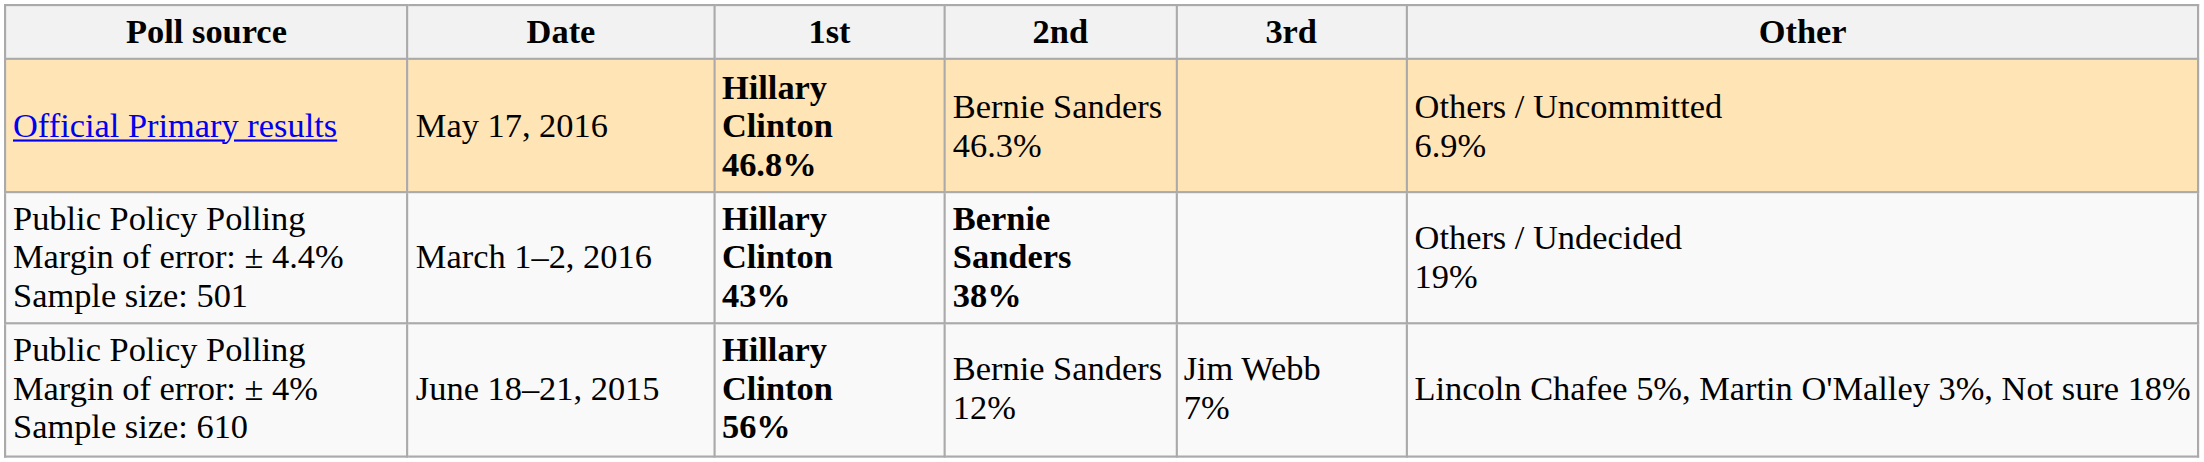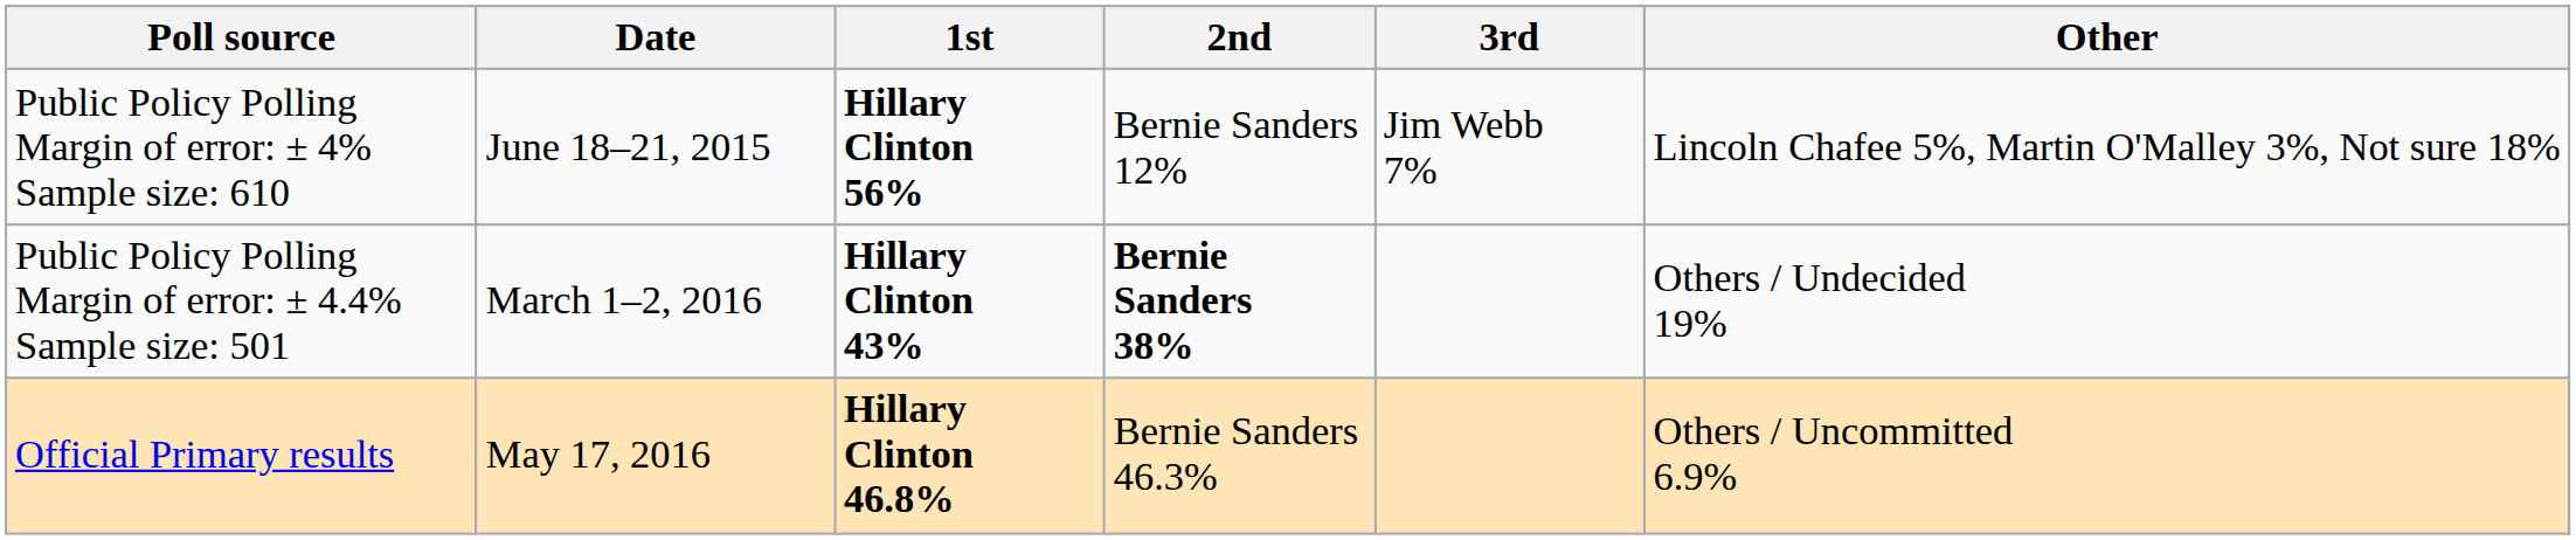 <table class="wikitable">
 <tr>
 <th style="width:180px;">Poll source</th>
 <th style="width:135px;">Date</th>
 <th style="width:100px;">1st</th>
 <th style="width:100px;">2nd</th>
 <th style="width:100px;">3rd</th>
 <th>Other</th>
 </tr>
-<tr style="background:Moccasin;">
-<td><a href='#'>Official Primary results</a></td>
-<td>May 17, 2016</td>
-<td><strong>Hillary Clinton<br>46.8%</strong></td>
-<td>Bernie Sanders<br>46.3%</td>
-<td></td>
-<td>Others / Uncommitted <br> 6.9%</td>
+<tr>
+<td>Public Policy Polling<br>Margin of error: ± 4% <br>Sample size: 610</td>
+<td>June 18–21, 2015</td>
+<td><strong>Hillary Clinton<br>56%</strong></td>
+<td>Bernie Sanders<br>12%</td>
+<td>Jim Webb<br>7%</td>
+<td>Lincoln Chafee 5%, Martin O'Malley 3%, Not sure 18%</td>
 </tr>
 <tr>
 <td>Public Policy Polling<br>Margin of error: ± 4.4% <br>Sample size: 501</td>
 <td>March 1–2, 2016</td>
 <td><strong>Hillary Clinton<br>43%</strong></td>
 <td><strong>Bernie Sanders<br>38%</strong></td>
 <td></td>
 <td>Others / Undecided<br>19%</td>
 </tr>
-<tr>
-<td>Public Policy Polling<br>Margin of error: ± 4% <br>Sample size: 610</td>
-<td>June 18–21, 2015</td>
-<td><strong>Hillary Clinton<br>56%</strong></td>
-<td>Bernie Sanders<br>12%</td>
-<td>Jim Webb<br>7%</td>
-<td>Lincoln Chafee 5%, Martin O'Malley 3%, Not sure 18%</td>
+<tr style="background:Moccasin;">
+<td><a href='#'>Official Primary results</a></td>
+<td>May 17, 2016</td>
+<td><strong>Hillary Clinton<br>46.8%</strong></td>
+<td>Bernie Sanders<br>46.3%</td>
+<td></td>
+<td>Others / Uncommitted <br> 6.9%</td>
 </tr>
 </table>
